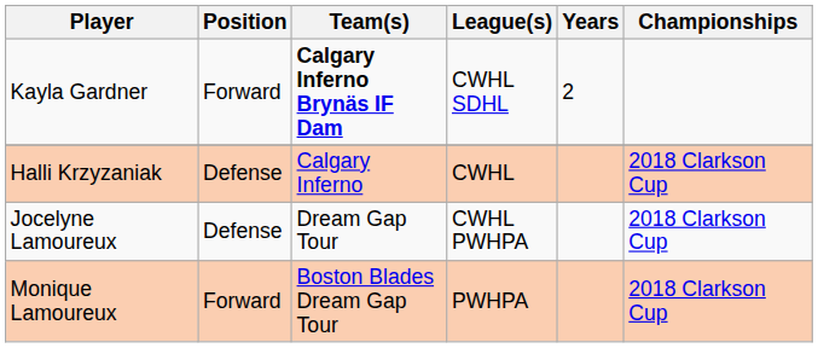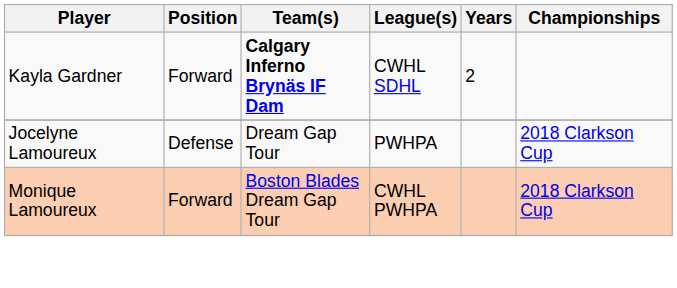 <table class="wikitable sortable">
 <tr>
 <th>Player</th>
 <th>Position</th>
 <th>Team(s)</th>
 <th>League(s)</th>
 <th>Years</th>
 <th>Championships</th>
 </tr>
 <tr bgcolor=>
 <td>Kayla Gardner</td>
 <td>Forward</td>
 <td><strong>Calgary Inferno<br><a href='#'>Brynäs IF Dam</a></strong></td>
 <td>CWHL<br><a href='#'>SDHL</a></td>
 <td>2</td>
 <td></td>
 </tr>
 <tr align="center" bgcolor="FBCEB1">
 </tr>
-<tr bgcolor= FBCEB1>
-<td>Halli Krzyzaniak</td>
-<td>Defense</td>
-<td><a href='#'>Calgary Inferno</a></td>
-<td>CWHL</td>
-<td></td>
-<td><a href='#'>2018 Clarkson Cup</a></td>
-</tr>
 <tr bgcolor=>
 <td>Jocelyne Lamoureux</td>
 <td>Defense</td>
 <td>Dream Gap Tour</td>
-<td>CWHL<br>PWHPA</td>
+<td>PWHPA</td>
 <td></td>
 <td><a href='#'>2018 Clarkson Cup</a></td>
 </tr>
 <tr bgcolor= FBCEB1>
 <td>Monique Lamoureux</td>
 <td>Forward</td>
 <td><a href='#'>Boston Blades</a><br>Dream Gap Tour</td>
-<td>PWHPA</td>
+<td>CWHL<br>PWHPA</td>
 <td></td>
 <td><a href='#'>2018 Clarkson Cup</a></td>
 </tr>
 </table>
